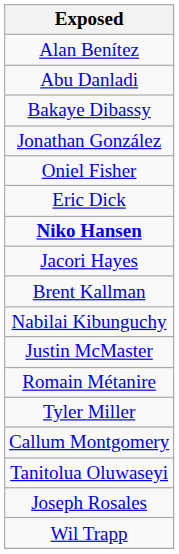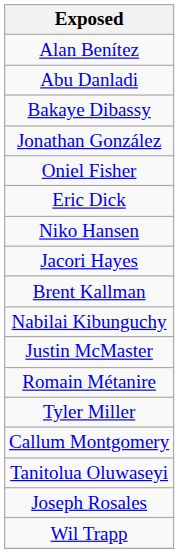 <table class="wikitable" style="text-align:center">
 <tr>
 <th>Exposed</th>
 </tr>
 <tr>
 <td><a href='#'>Alan Benítez</a></td>
 </tr>
 <tr>
 <td><a href='#'>Abu Danladi</a></td>
 </tr>
 <tr>
 <td><a href='#'>Bakaye Dibassy</a></td>
 </tr>
 <tr>
 <td><a href='#'>Jonathan González</a></td>
 </tr>
 <tr>
 <td><a href='#'>Oniel Fisher</a></td>
 </tr>
 <tr>
 <td><a href='#'>Eric Dick</a></td>
 </tr>
 <tr>
-<td><strong><a href='#'>Niko Hansen</a></strong></td>
+<td><a href='#'>Niko Hansen</a></td>
 </tr>
 <tr>
 <td><a href='#'>Jacori Hayes</a></td>
 </tr>
 <tr>
 <td><a href='#'>Brent Kallman</a></td>
 </tr>
 <tr>
 <td><a href='#'>Nabilai Kibunguchy</a></td>
 </tr>
 <tr>
 <td><a href='#'>Justin McMaster</a></td>
 </tr>
 <tr>
 <td><a href='#'>Romain Métanire</a></td>
 </tr>
 <tr>
 <td><a href='#'>Tyler Miller</a></td>
 </tr>
 <tr>
 <td><a href='#'>Callum Montgomery</a></td>
 </tr>
 <tr>
 <td><a href='#'>Tanitolua Oluwaseyi</a></td>
 </tr>
 <tr>
 <td><a href='#'>Joseph Rosales</a></td>
 </tr>
 <tr>
 <td><a href='#'>Wil Trapp</a></td>
 </tr>
 <tr>
 </tr>
 </table>
